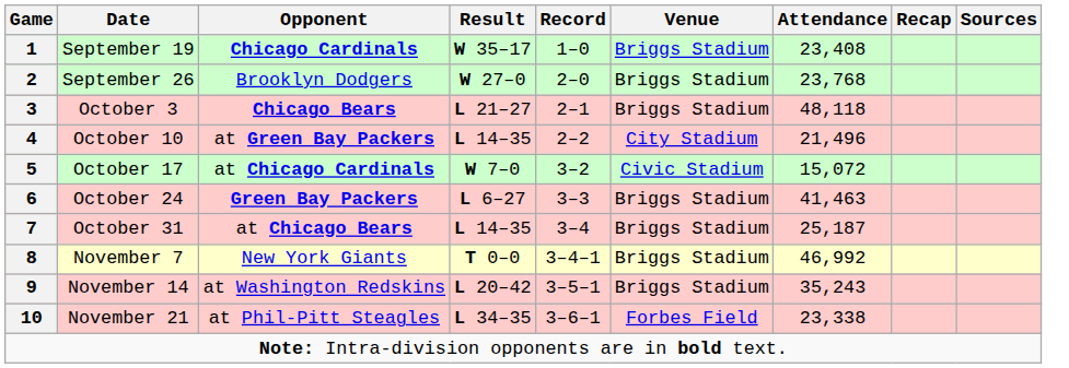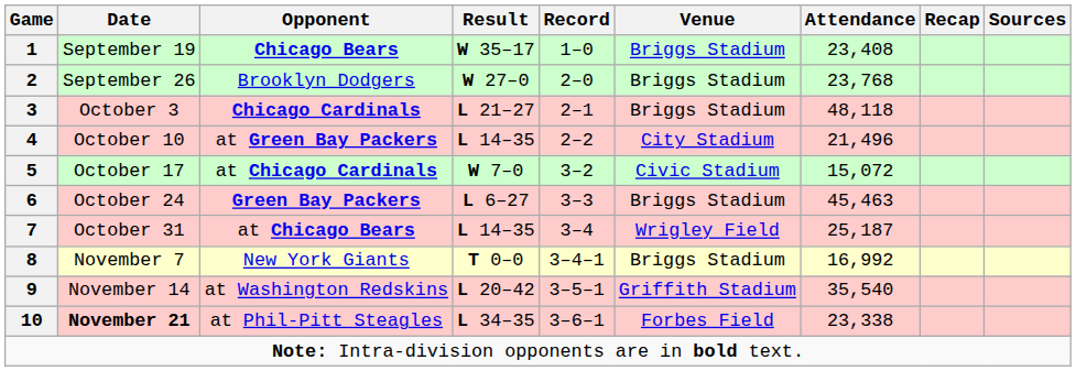 <table class="wikitable" style="text-align:center">
 <tr>
 <th>Game</th>
 <th>Date</th>
 <th>Opponent</th>
 <th>Result</th>
 <th>Record</th>
 <th>Venue</th>
 <th>Attendance</th>
 <th>Recap</th>
 <th>Sources</th>
 </tr>
 <tr style="background:#cfc">
 <th>1</th>
 <td>September 19</td>
-<td><strong><a href='#'>Chicago Cardinals</a></strong></td>
+<td><strong><a href='#'>Chicago Bears</a></strong></td>
 <td><strong>W</strong> 35–17</td>
 <td>1–0</td>
 <td><a href='#'>Briggs Stadium</a></td>
 <td>23,408</td>
 <td></td>
 <td></td>
 </tr>
 <tr style="background:#cfc">
 <th>2</th>
 <td>September 26</td>
 <td><a href='#'>Brooklyn Dodgers</a></td>
 <td><strong>W</strong> 27–0</td>
 <td>2–0</td>
 <td>Briggs Stadium</td>
 <td>23,768</td>
 <td></td>
 <td></td>
 </tr>
 <tr style="background:#fcc">
 <th>3</th>
 <td>October 3</td>
-<td><strong><a href='#'>Chicago Bears</a></strong></td>
+<td><strong><a href='#'>Chicago Cardinals</a></strong></td>
 <td><strong>L</strong> 21–27</td>
 <td>2–1</td>
 <td>Briggs Stadium</td>
 <td>48,118</td>
 <td></td>
 <td></td>
 </tr>
 <tr style="background:#fcc">
 <th>4</th>
 <td>October 10</td>
 <td>at <strong><a href='#'>Green Bay Packers</a></strong></td>
 <td><strong>L</strong> 14–35</td>
 <td>2–2</td>
 <td><a href='#'>City Stadium</a></td>
 <td>21,496</td>
 <td></td>
 <td></td>
 </tr>
 <tr style="background:#cfc">
 <th>5</th>
 <td>October 17</td>
 <td>at <strong><a href='#'>Chicago Cardinals</a></strong></td>
 <td><strong>W</strong> 7–0</td>
 <td>3–2</td>
 <td><a href='#'>Civic Stadium</a></td>
 <td>15,072</td>
 <td></td>
 <td></td>
 </tr>
 <tr style="background:#fcc">
 <th>6</th>
 <td>October 24</td>
 <td><strong><a href='#'>Green Bay Packers</a></strong></td>
 <td><strong>L</strong> 6–27</td>
 <td>3–3</td>
 <td>Briggs Stadium</td>
-<td>41,463</td>
+<td>45,463</td>
 <td></td>
 <td></td>
 </tr>
 <tr style="background:#fcc">
 <th>7</th>
 <td>October 31</td>
 <td>at <strong><a href='#'>Chicago Bears</a></strong></td>
 <td><strong>L</strong> 14–35</td>
 <td>3–4</td>
-<td>Briggs Stadium</td>
+<td><a href='#'>Wrigley Field</a></td>
 <td>25,187</td>
 <td></td>
 <td></td>
 </tr>
 <tr style="background:#ffc">
 <th>8</th>
 <td>November 7</td>
 <td><a href='#'>New York Giants</a></td>
 <td><strong>T</strong> 0–0</td>
 <td>3–4–1</td>
 <td>Briggs Stadium</td>
-<td>46,992</td>
+<td>16,992</td>
 <td></td>
 <td></td>
 </tr>
 <tr style="background:#fcc">
 <th>9</th>
 <td>November 14</td>
 <td>at <a href='#'>Washington Redskins</a></td>
 <td><strong>L</strong> 20–42</td>
 <td>3–5–1</td>
-<td>Briggs Stadium</td>
-<td>35,243</td>
+<td><a href='#'>Griffith Stadium</a></td>
+<td>35,540</td>
 <td></td>
 <td></td>
 </tr>
 <tr style="background:#fcc">
 <th>10</th>
-<td>November 21</td>
+<td><strong>November 21</strong></td>
 <td>at <a href='#'>Phil-Pitt Steagles</a></td>
 <td><strong>L</strong> 34–35</td>
 <td>3–6–1</td>
 <td><a href='#'>Forbes Field</a></td>
 <td>23,338</td>
 <td></td>
 <td></td>
 </tr>
 <tr>
 <td colspan="10"><strong>Note:</strong> Intra-division opponents are in <strong>bold</strong> text.</td>
 </tr>
 </table>
